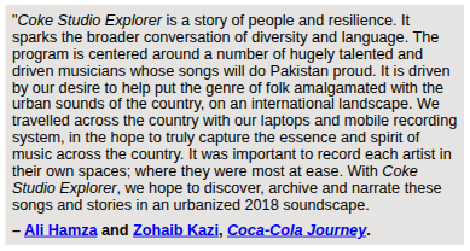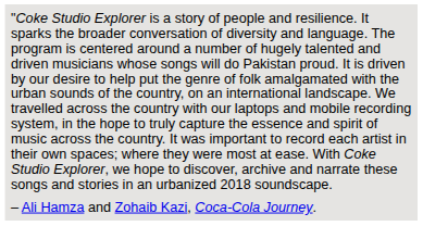 <table class="toccolours" style="float: right; margin-left: 1em; margin-right: 2em; font-size: 85%; background:#E5E4E2; color:black; width:30em; max-width: 40%;" cellspacing="5">
 <tr>
 <td style="text-align: left;">"<em>Coke Studio Explorer</em> is a story of people and resilience. It sparks the broader conversation of diversity and language. The program is centered around a number of hugely talented and driven musicians whose songs will do Pakistan proud. It is driven by our desire to help put the genre of folk amalgamated with the urban sounds of the country, on an international landscape. We travelled across the country with our laptops and mobile recording system, in the hope to truly capture the essence and spirit of music across the country. It was important to record each artist in their own spaces; where they were most at ease. With <em>Coke Studio Explorer</em>, we hope to discover, archive and narrate these songs and stories in an urbanized 2018 soundscape.</td>
 </tr>
 <tr>
-<td style="text-align: left;"><strong>– <a href='#'>Ali Hamza</a> and <a href='#'>Zohaib Kazi</a>, <em><a href='#'>Coca-Cola Journey</a></em>.</strong></td>
+<td style="text-align: left;">– <a href='#'>Ali Hamza</a> and <a href='#'>Zohaib Kazi</a>, <em><a href='#'>Coca-Cola Journey</a></em>.</td>
 </tr>
 </table>
